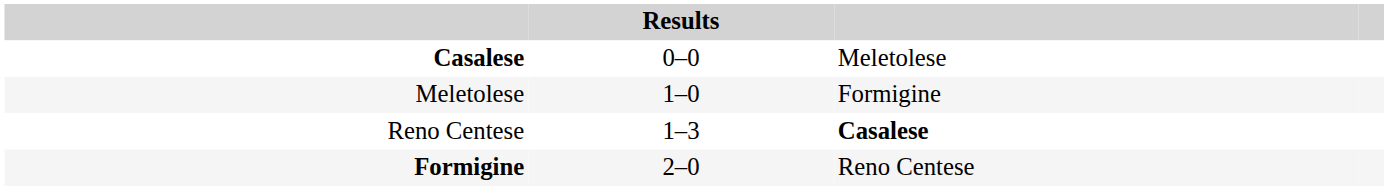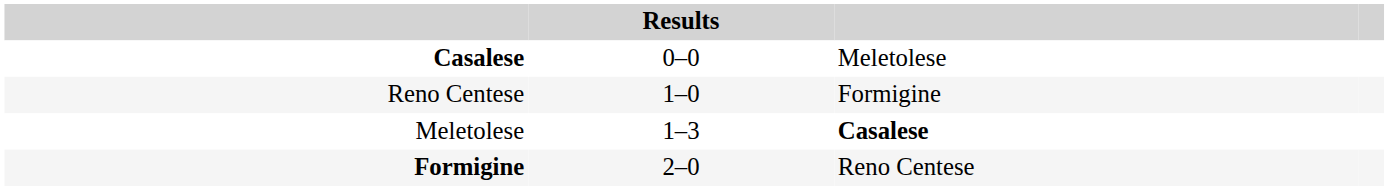 <table align=center style="font-size: 85%; border-collapse:collapse" border=0 cellspacing=0 cellpadding=2 width=60%>
 <tr bgcolor="D3D3D3">
 <th align=right></th>
 <th align=center>Results</th>
 <th align=left></th>
 <th align=center></th>
 </tr>
 <tr bgcolor=#FFFFFF>
 <td align=right><strong>Casalese</strong></td>
 <td align=center>0–0</td>
 <td>Meletolese</td>
 <td align=center></td>
 </tr>
 <tr bgcolor=#F5F5F5>
-<td align=right>Meletolese</td>
+<td align=right>Reno Centese</td>
 <td align=center>1–0</td>
 <td>Formigine</td>
 <td align=center></td>
 </tr>
 <tr bgcolor=#FFFFFF>
-<td align=right>Reno Centese</td>
+<td align=right>Meletolese</td>
 <td align=center>1–3</td>
 <td><strong>Casalese</strong></td>
 <td align=center></td>
 </tr>
 <tr bgcolor=#F5F5F5>
 <td align=right><strong>Formigine</strong></td>
 <td align=center>2–0</td>
 <td>Reno Centese</td>
 <td align=center></td>
 </tr>
 </table>
